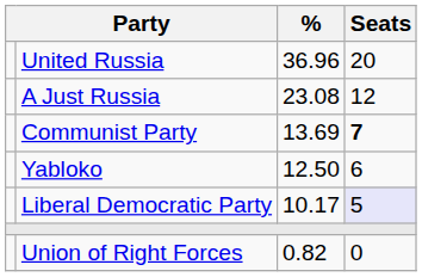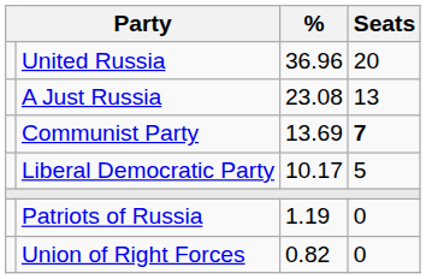 <table class="wikitable">
 <tr>
 <th colspan=2>Party</th>
 <th>%</th>
 <th>Seats</th>
 </tr>
 <tr>
 <td style="background:"></td>
 <td><a href='#'>United Russia</a></td>
 <td>36.96</td>
 <td>20</td>
 </tr>
 <tr>
 <td style="background:"></td>
 <td><a href='#'>A Just Russia</a></td>
 <td>23.08</td>
-<td>12</td>
+<td>13</td>
 </tr>
 <tr>
 <td style="background:"></td>
 <td><a href='#'>Communist Party</a></td>
 <td>13.69</td>
 <td><strong>7</strong></td>
 </tr>
 <tr>
 <td style="background:"></td>
-<td><a href='#'>Yabloko</a></td>
-<td>12.50</td>
-<td>6</td>
+<td><a href='#'>Liberal Democratic Party</a></td>
+<td>10.17</td>
+<td>5</td>
+</tr>
+<tr>
+<td colspan=4 style="background:#E9E9E9;"></td>
 </tr>
 <tr>
 <td style="background:"></td>
-<td><a href='#'>Liberal Democratic Party</a></td>
-<td>10.17</td>
-<td style="background: lavender;">5</td>
-</tr>
-<tr>
-<td colspan=4 style="background:#E9E9E9;"></td>
+<td><a href='#'>Patriots of Russia</a></td>
+<td>1.19</td>
+<td>0</td>
 </tr>
 <tr>
 <td style="background:"></td>
 <td><a href='#'>Union of Right Forces</a></td>
 <td>0.82</td>
 <td>0</td>
 </tr>
 <tr>
 </tr>
 </table>
